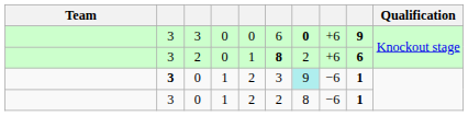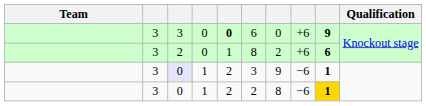 <table class="wikitable" style="text-align:center;">
 <tr>
 <th width=175>Team</th>
 <th width=25></th>
 <th width=25></th>
 <th width=25></th>
 <th width=25></th>
 <th width=25></th>
 <th width=25></th>
 <th width=25></th>
 <th width=25></th>
 <th width=100>Qualification</th>
 </tr>
 <tr bgcolor=#ccffcc align=center>
 <td style="text-align:left;"></td>
 <td>3</td>
 <td>3</td>
 <td>0</td>
+<td><strong>0</strong></td>
+<td>6</td>
 <td>0</td>
-<td>6</td>
-<td><strong>0</strong></td>
 <td>+6</td>
 <td><strong>9</strong></td>
 <td rowspan="2"><a href='#'>Knockout stage</a></td>
 </tr>
 <tr bgcolor=#ccffcc align=center>
 <td style="text-align:left;"></td>
 <td>3</td>
 <td>2</td>
 <td>0</td>
 <td>1</td>
-<td><strong>8</strong></td>
+<td>8</td>
 <td>2</td>
 <td>+6</td>
 <td><strong>6</strong></td>
 </tr>
 <tr align=center>
 <td style="text-align:left;"></td>
-<td><strong>3</strong></td>
-<td>0</td>
+<td>3</td>
+<td style="background: lavender;">0</td>
 <td>1</td>
 <td>2</td>
 <td>3</td>
-<td style="background: paleturquoise;">9</td>
+<td>9</td>
 <td>−6</td>
 <td><strong>1</strong></td>
 <td rowspan="2"></td>
 </tr>
 <tr align=center>
 <td style="text-align:left;"></td>
 <td>3</td>
 <td>0</td>
 <td>1</td>
 <td>2</td>
 <td>2</td>
 <td>8</td>
 <td>−6</td>
-<td><strong>1</strong></td>
+<td style="background: gold;"><strong>1</strong></td>
 </tr>
 </table>
